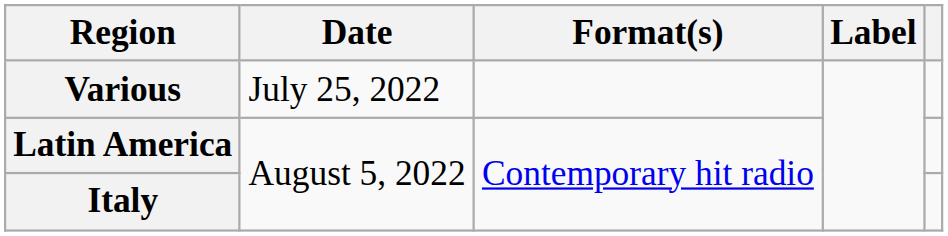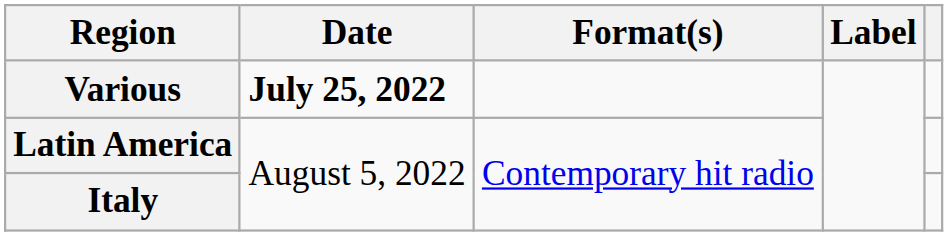 <table class="wikitable plainrowheaders" border="1">
 <tr>
 <th scope="col">Region</th>
 <th scope="col">Date</th>
 <th scope="col">Format(s)</th>
 <th scope="col">Label</th>
 <th scope="col"></th>
 </tr>
 <tr>
 <th scope="row">Various</th>
-<td>July 25, 2022</td>
+<td><strong>July 25, 2022</strong></td>
 <td></td>
 <td rowspan="3"></td>
 <td style="text-align:center;"></td>
 </tr>
 <tr>
 <th scope="row">Latin America</th>
 <td rowspan="2">August 5, 2022</td>
 <td rowspan="2"><a href='#'>Contemporary hit radio</a></td>
 <td style="text-align:center;"></td>
 </tr>
 <tr>
 <th scope="row">Italy</th>
 <td style="text-align:center;"></td>
 </tr>
 </table>
